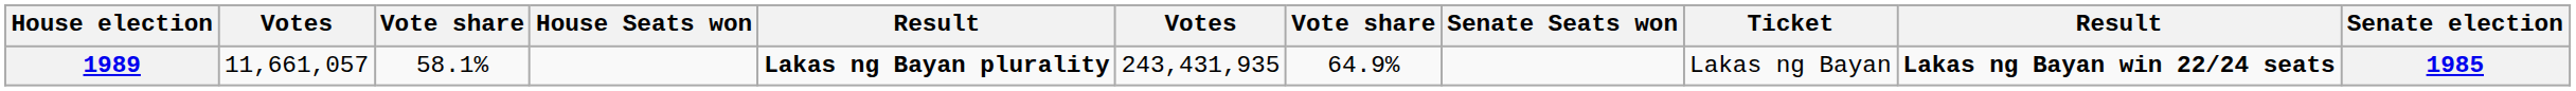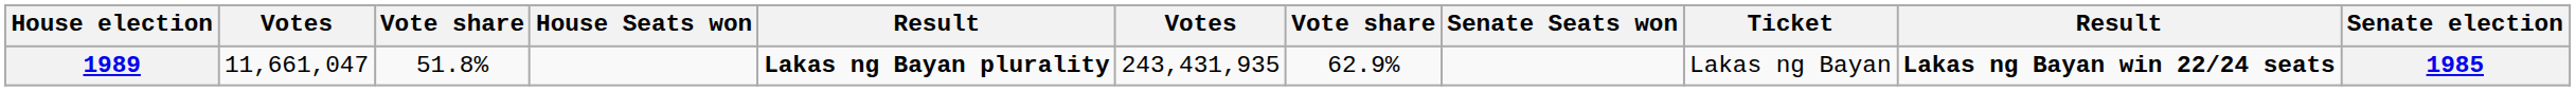 <table class="wikitable" style="text-align:center; font-size:90%">
 <tr>
 <th>House election</th>
 <th>Votes</th>
 <th>Vote share</th>
 <th>House Seats won</th>
 <th>Result</th>
 <th>Votes</th>
 <th>Vote share</th>
 <th>Senate Seats won</th>
 <th>Ticket</th>
 <th>Result</th>
 <th>Senate election</th>
 </tr>
 <tr>
 <th><a href='#'>1989</a></th>
-<td>11,661,057</td>
-<td>58.1%</td>
+<td>11,661,047</td>
+<td>51.8%</td>
 <td></td>
 <td style="background:"><strong>Lakas ng Bayan plurality</strong></td>
 <td>243,431,935</td>
-<td>64.9%</td>
+<td>62.9%</td>
 <td></td>
 <td style="background:">Lakas ng Bayan</td>
 <td style="background:"><strong>Lakas ng Bayan win 22/24 seats</strong></td>
 <th><a href='#'>1985</a></th>
 </tr>
 </table>
